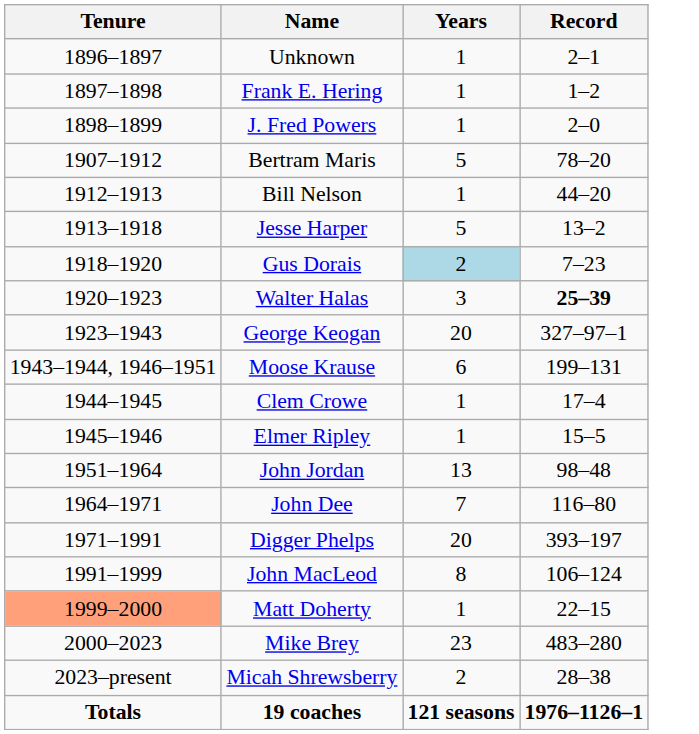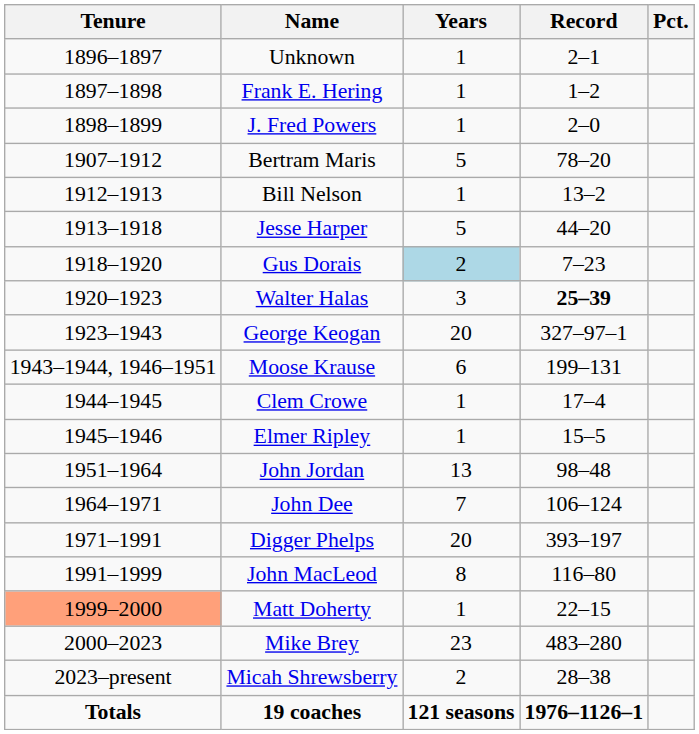 <table class="wikitable sortable" style="text-align:center">
 <tr>
 <th>Tenure</th>
 <th>Name</th>
 <th>Years</th>
 <th>Record</th>
+<th>Pct.</th>
 </tr>
 <tr>
 <td>1896–1897</td>
 <td>Unknown</td>
 <td>1</td>
 <td>2–1</td>
+<td></td>
 </tr>
 <tr>
 <td>1897–1898</td>
 <td><a href='#'>Frank E. Hering</a></td>
 <td>1</td>
 <td>1–2</td>
+<td></td>
 </tr>
 <tr>
 <td>1898–1899</td>
 <td><a href='#'>J. Fred Powers</a></td>
 <td>1</td>
 <td>2–0</td>
+<td></td>
 </tr>
 <tr>
 <td>1907–1912</td>
 <td>Bertram Maris</td>
 <td>5</td>
 <td>78–20</td>
+<td></td>
 </tr>
 <tr>
 <td>1912–1913</td>
 <td>Bill Nelson</td>
 <td>1</td>
-<td>44–20</td>
+<td>13–2</td>
+<td></td>
 </tr>
 <tr>
 <td>1913–1918</td>
 <td><a href='#'>Jesse Harper</a></td>
 <td>5</td>
-<td>13–2</td>
+<td>44–20</td>
+<td></td>
 </tr>
 <tr>
 <td>1918–1920</td>
 <td><a href='#'>Gus Dorais</a></td>
 <td style="background: lightblue;">2</td>
 <td>7–23</td>
+<td></td>
 </tr>
 <tr>
 <td>1920–1923</td>
 <td><a href='#'>Walter Halas</a></td>
 <td>3</td>
 <td><strong>25–39</strong></td>
+<td></td>
 </tr>
 <tr>
 <td>1923–1943</td>
 <td><a href='#'>George Keogan</a></td>
 <td>20</td>
 <td>327–97–1</td>
+<td></td>
 </tr>
 <tr>
 <td>1943–1944, 1946–1951</td>
 <td><a href='#'>Moose Krause</a></td>
 <td>6</td>
 <td>199–131</td>
+<td></td>
 </tr>
 <tr>
 <td>1944–1945</td>
 <td><a href='#'>Clem Crowe</a></td>
 <td>1</td>
 <td>17–4</td>
+<td></td>
 </tr>
 <tr>
 <td>1945–1946</td>
 <td><a href='#'>Elmer Ripley</a></td>
 <td>1</td>
 <td>15–5</td>
+<td></td>
 </tr>
 <tr>
 <td>1951–1964</td>
 <td><a href='#'>John Jordan</a></td>
 <td>13</td>
 <td>98–48</td>
+<td></td>
 </tr>
 <tr>
 <td>1964–1971</td>
 <td><a href='#'>John Dee</a></td>
 <td>7</td>
-<td>116–80</td>
+<td>106–124</td>
+<td></td>
 </tr>
 <tr>
 <td>1971–1991</td>
 <td><a href='#'>Digger Phelps</a></td>
 <td>20</td>
 <td>393–197</td>
+<td></td>
 </tr>
 <tr>
 <td>1991–1999</td>
 <td><a href='#'>John MacLeod</a></td>
 <td>8</td>
-<td>106–124</td>
+<td>116–80</td>
+<td></td>
 </tr>
 <tr>
 <td style="background: lightsalmon;">1999–2000</td>
 <td><a href='#'>Matt Doherty</a></td>
 <td>1</td>
 <td>22–15</td>
+<td></td>
 </tr>
 <tr>
 <td>2000–2023</td>
 <td><a href='#'>Mike Brey</a></td>
 <td>23</td>
 <td>483–280</td>
+<td></td>
 </tr>
 <tr>
 <td>2023–present</td>
 <td><a href='#'>Micah Shrewsberry</a></td>
 <td>2</td>
 <td>28–38</td>
+<td></td>
 </tr>
 <tr>
 <td><strong>Totals</strong></td>
 <td><strong>19 coaches</strong></td>
 <td><strong>121 seasons</strong></td>
 <td><strong>1976–1126–1</strong></td>
+<td><strong></strong></td>
 </tr>
 </table>
